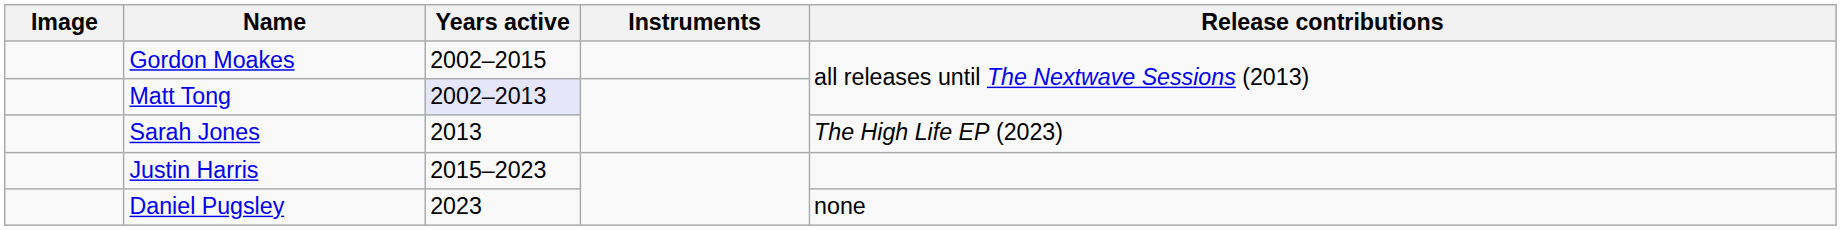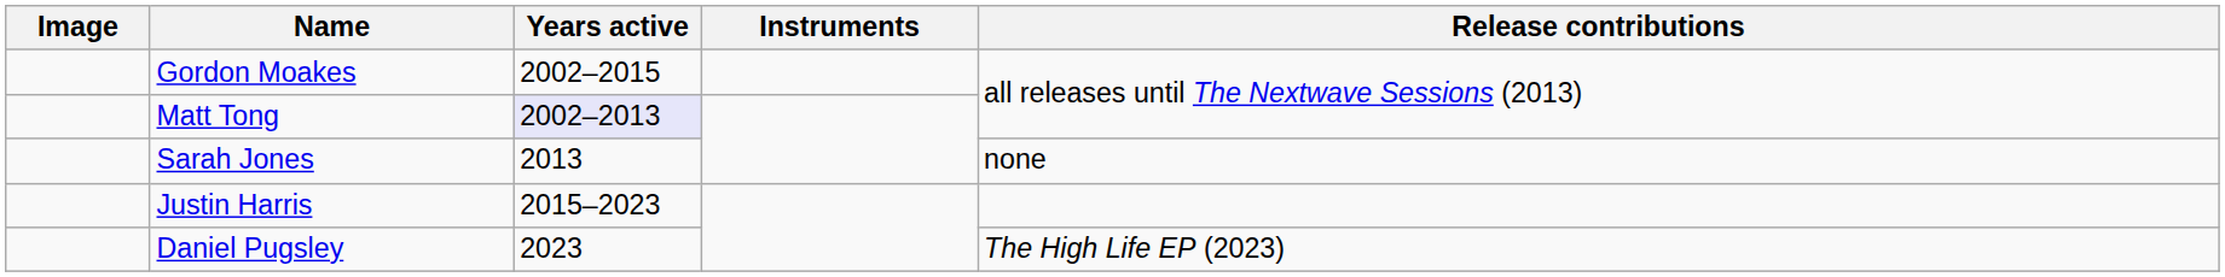 <table class="wikitable" border="1" width="100%">
 <tr>
 <th width="75">Image</th>
 <th width="200">Name</th>
 <th width="100">Years active</th>
 <th width="150">Instruments</th>
 <th>Release contributions</th>
 </tr>
 <tr>
 <td></td>
 <td><a href='#'>Gordon Moakes</a></td>
 <td>2002–2015</td>
 <td></td>
 <td rowspan="2">all releases until <em><a href='#'>The Nextwave Sessions</a></em> (2013)</td>
 </tr>
 <tr>
 <td></td>
 <td><a href='#'>Matt Tong</a></td>
 <td style="background: lavender;">2002–2013</td>
 <td rowspan="2"></td>
 </tr>
 <tr>
 <td></td>
 <td><a href='#'>Sarah Jones</a></td>
 <td>2013 </td>
-<td><em>The High Life EP</em> (2023)</td>
+<td>none</td>
 </tr>
 <tr>
 <td></td>
 <td><a href='#'>Justin Harris</a></td>
 <td>2015–2023</td>
 <td rowspan="2"></td>
 <td></td>
 </tr>
 <tr>
 <td></td>
 <td><a href='#'>Daniel Pugsley</a></td>
 <td>2023</td>
-<td>none</td>
+<td><em>The High Life EP</em> (2023)</td>
 </tr>
 </table>
